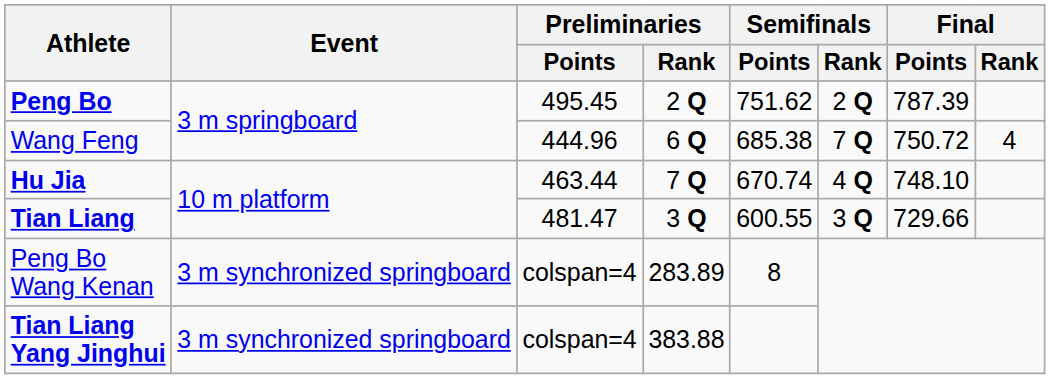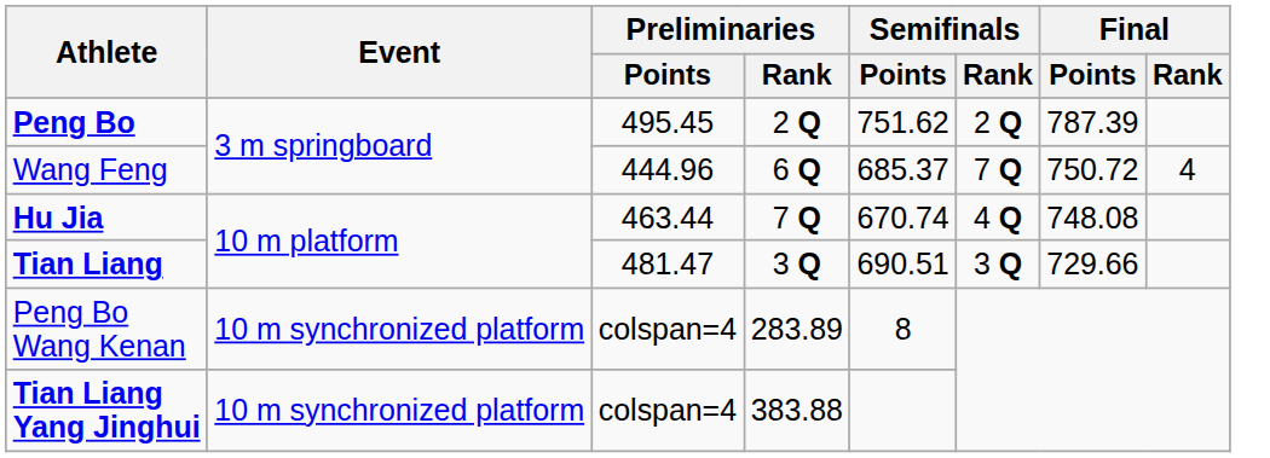 <table class=wikitable style="font-size:90%">
 <tr>
 <th rowspan="2">Athlete</th>
 <th rowspan="2">Event</th>
 <th colspan="2">Preliminaries</th>
 <th colspan="2">Semifinals</th>
 <th colspan="2">Final</th>
 </tr>
 <tr style="font-size:95%">
 <th>Points</th>
 <th>Rank</th>
 <th>Points</th>
 <th>Rank</th>
 <th>Points</th>
 <th>Rank</th>
 </tr>
 <tr align=center>
 <td align=left><strong><a href='#'>Peng Bo</a></strong></td>
 <td style="text-align:left;" rowspan="2"><a href='#'>3 m springboard</a></td>
 <td>495.45</td>
 <td>2 <strong>Q</strong></td>
 <td>751.62</td>
 <td>2 <strong>Q</strong></td>
 <td>787.39</td>
 <td></td>
 </tr>
 <tr align=center>
 <td align=left><a href='#'>Wang Feng</a></td>
 <td>444.96</td>
 <td>6 <strong>Q</strong></td>
-<td>685.38</td>
+<td>685.37</td>
 <td>7 <strong>Q</strong></td>
 <td>750.72</td>
 <td>4</td>
 </tr>
 <tr align=center>
 <td align=left><strong><a href='#'>Hu Jia</a></strong></td>
 <td style="text-align:left;" rowspan="2"><a href='#'>10 m platform</a></td>
 <td>463.44</td>
 <td>7 <strong>Q</strong></td>
 <td>670.74</td>
 <td>4 <strong>Q</strong></td>
-<td>748.10</td>
+<td>748.08</td>
 <td></td>
 </tr>
 <tr align=center>
 <td align=left><strong><a href='#'>Tian Liang</a></strong></td>
 <td>481.47</td>
 <td>3 <strong>Q</strong></td>
-<td>600.55</td>
+<td>690.51</td>
 <td>3 <strong>Q</strong></td>
 <td>729.66</td>
 <td></td>
 </tr>
 <tr align=center>
 <td align=left><a href='#'>Peng Bo</a><br><a href='#'>Wang Kenan</a></td>
-<td align=left><a href='#'>3 m synchronized springboard</a></td>
+<td align=left><a href='#'>10 m synchronized platform</a></td>
 <td>colspan=4 </td>
 <td>283.89</td>
 <td>8</td>
 </tr>
 <tr align=center>
 <td align=left><strong><a href='#'>Tian Liang</a><br><a href='#'>Yang Jinghui</a></strong></td>
-<td align=left><a href='#'>3 m synchronized springboard</a></td>
+<td align=left><a href='#'>10 m synchronized platform</a></td>
 <td>colspan=4 </td>
 <td>383.88</td>
 <td></td>
 </tr>
 </table>
